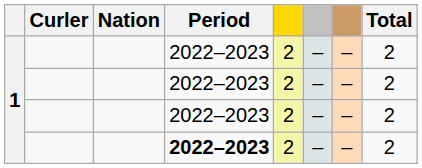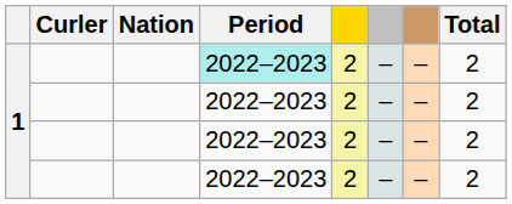 <table class="wikitable sortable" style="text-align:center">
 <tr>
 <th scope="col"></th>
 <th scope="col">Curler</th>
 <th scope="col">Nation</th>
 <th scope="col">Period</th>
 <th scope="col" style="width:1em; background-color:gold"></th>
 <th scope="col" style="width:1em;background-color:silver"></th>
 <th scope="col" style="width:1em;background-color:#CC9966"></th>
 <th scope="col">Total</th>
 </tr>
 <tr>
 <th scope="row" rowspan="4">1</th>
+<td align="left"></td>
+<td align="left"></td>
+<td style="background: paleturquoise;">2022–2023</td>
+<td bgcolor="#F7F6A8">2</td>
+<td bgcolor="#DCE5E5">–</td>
+<td bgcolor="#FFDAB9">–</td>
+<td>2</td>
+</tr>
+<tr>
 <td align="left"></td>
 <td align="left"></td>
 <td>2022–2023</td>
 <td bgcolor="#F7F6A8">2</td>
 <td bgcolor="#DCE5E5">–</td>
 <td bgcolor="#FFDAB9">–</td>
 <td>2</td>
 </tr>
 <tr>
 <td align="left"></td>
 <td align="left"></td>
 <td>2022–2023</td>
 <td bgcolor="#F7F6A8">2</td>
 <td bgcolor="#DCE5E5">–</td>
 <td bgcolor="#FFDAB9">–</td>
 <td>2</td>
 </tr>
 <tr>
 <td align="left"></td>
 <td align="left"></td>
 <td>2022–2023</td>
 <td bgcolor="#F7F6A8">2</td>
 <td bgcolor="#DCE5E5">–</td>
 <td bgcolor="#FFDAB9">–</td>
 <td>2</td>
 </tr>
-<tr>
-<td align="left"></td>
-<td align="left"></td>
-<td><strong>2022–2023</strong></td>
-<td bgcolor="#F7F6A8">2</td>
-<td bgcolor="#DCE5E5">–</td>
-<td bgcolor="#FFDAB9">–</td>
-<td>2</td>
-</tr>
 </table>
